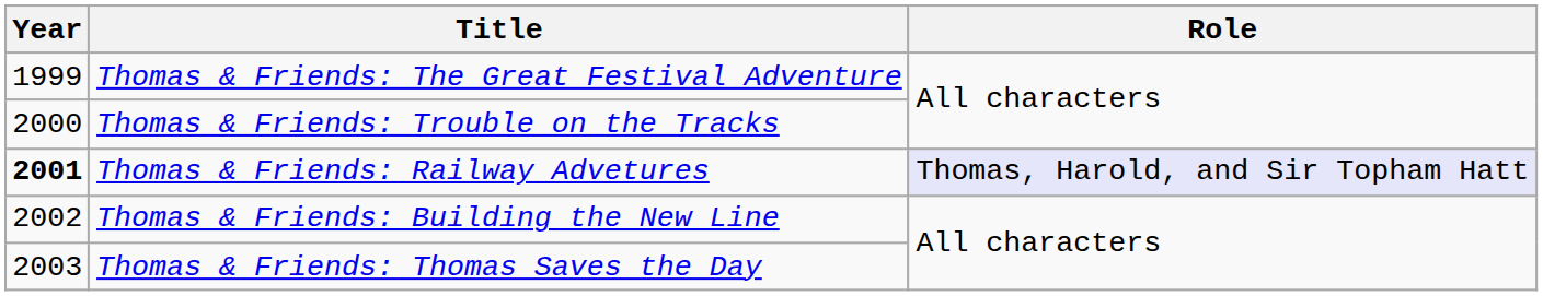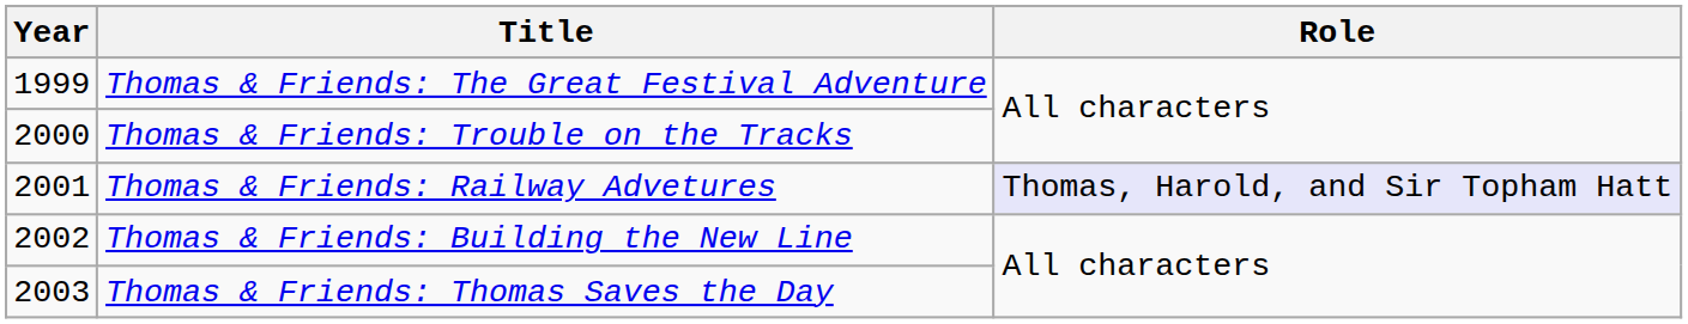 <table class="wikitable">
 <tr>
 <th>Year</th>
 <th>Title</th>
 <th>Role</th>
 </tr>
 <tr>
 <td>1999</td>
 <td><em><a href='#'>Thomas & Friends: The Great Festival Adventure</a></em></td>
 <td rowspan=2>All characters</td>
 </tr>
 <tr>
 <td>2000</td>
 <td><em><a href='#'>Thomas & Friends: Trouble on the Tracks</a></em></td>
 </tr>
 <tr>
-<td><strong>2001</strong></td>
+<td>2001</td>
 <td><em><a href='#'>Thomas & Friends: Railway Advetures</a></em></td>
 <td style="background: lavender;">Thomas, Harold, and Sir Topham Hatt</td>
 </tr>
 <tr>
 <td>2002</td>
 <td><em><a href='#'>Thomas & Friends: Building the New Line</a></em></td>
 <td rowspan=2>All characters</td>
 </tr>
 <tr>
 <td>2003</td>
 <td><em><a href='#'>Thomas & Friends: Thomas Saves the Day</a></em></td>
 </tr>
 </table>
